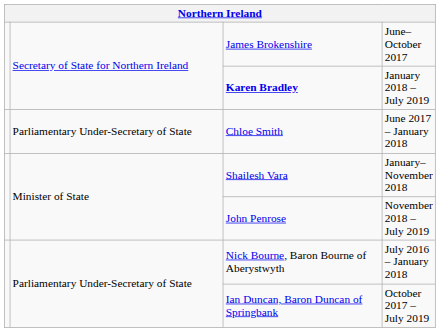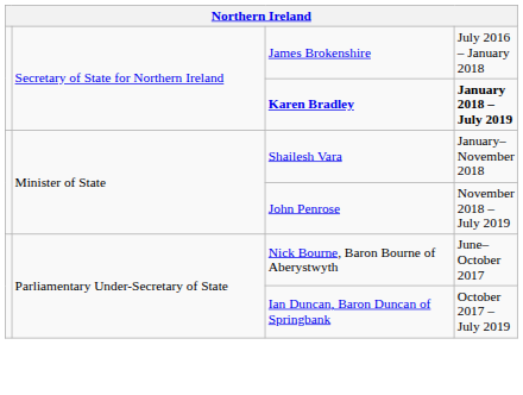 <table class="wikitable">
 <tr>
 <th colspan="4"><a href='#'>Northern Ireland</a></th>
 </tr>
 <tr>
 <td rowspan="2" style="width: 1px; background: "></td>
 <td rowspan="2" style="width: 450px;"><a href='#'>Secretary of State for Northern Ireland</a></td>
 <td style="width: 320px;"><a href='#'>James Brokenshire</a></td>
-<td>June–October 2017</td>
+<td>July 2016 – January 2018</td>
 </tr>
 <tr>
 <td style="width: 320px;"><strong><a href='#'>Karen Bradley</a></strong></td>
-<td>January 2018 – July 2019</td>
-</tr>
-<tr>
-<td style="width: 1px; background: "></td>
-<td>Parliamentary Under-Secretary of State</td>
-<td><a href='#'>Chloe Smith</a> <br></td>
-<td>June 2017 – January 2018</td>
+<td><strong>January 2018 – July 2019</strong></td>
 </tr>
 <tr>
 <td rowspan="2" style="width: 1px; background: "></td>
 <td rowspan="2">Minister of State</td>
 <td><a href='#'>Shailesh Vara</a></td>
 <td>January–November 2018</td>
 </tr>
 <tr>
 <td><a href='#'>John Penrose</a></td>
 <td>November 2018 – July 2019</td>
 </tr>
 <tr>
 <td rowspan="2" style="width: 1px; background: "></td>
 <td rowspan="2">Parliamentary Under-Secretary of State</td>
 <td><a href='#'>Nick Bourne</a>, Baron Bourne of Aberystwyth<br></td>
-<td>July 2016 – January 2018</td>
+<td>June–October 2017</td>
 </tr>
 <tr>
 <td><a href='#'>Ian Duncan, Baron Duncan of Springbank</a></td>
 <td>October 2017 – July 2019</td>
 </tr>
 </table>
